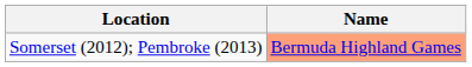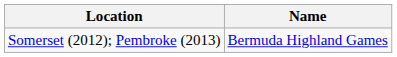 <table class="wikitable">
 <tr>
 <th>Location</th>
 <th>Name</th>
 </tr>
 <tr>
 <td><a href='#'>Somerset</a> (2012); <a href='#'>Pembroke</a> (2013)</td>
-<td style="background: lightsalmon;"><a href='#'>Bermuda Highland Games</a></td>
+<td><a href='#'>Bermuda Highland Games</a></td>
 </tr>
 </table>
